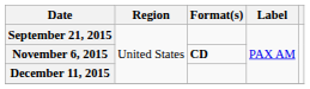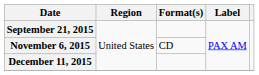 <table class="wikitable plainrowheaders">
 <tr>
 <th scope="col">Date</th>
 <th scope="col">Region</th>
 <th scope="col">Format(s)</th>
 <th scope="col">Label</th>
 <th scope="col"></th>
 </tr>
 <tr>
 <th scope="row">September 21, 2015</th>
 <td rowspan="3">United States</td>
 <td></td>
 <td rowspan="3"><a href='#'>PAX AM</a></td>
 <td rowspan="3" align="center"></td>
 </tr>
 <tr>
 <th scope="row">November 6, 2015</th>
-<td><strong>CD</strong></td>
+<td>CD</td>
 </tr>
 <tr>
 <th scope="row">December 11, 2015</th>
 <td></td>
 </tr>
 <tr>
 </tr>
 </table>
